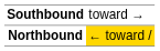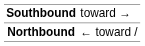 <table border="1" cellspacing="0" cellpadding="3" frame="hsides" rules="rows">
 <tr>
 <th><span>Southbound</span></th>
 <td>  toward  →</td>
 </tr>
 <tr>
 <th><span>Northbound</span></th>
-<td style="background: gold;">←  toward  / </td>
+<td>←  toward  / </td>
 </tr>
 </table>
